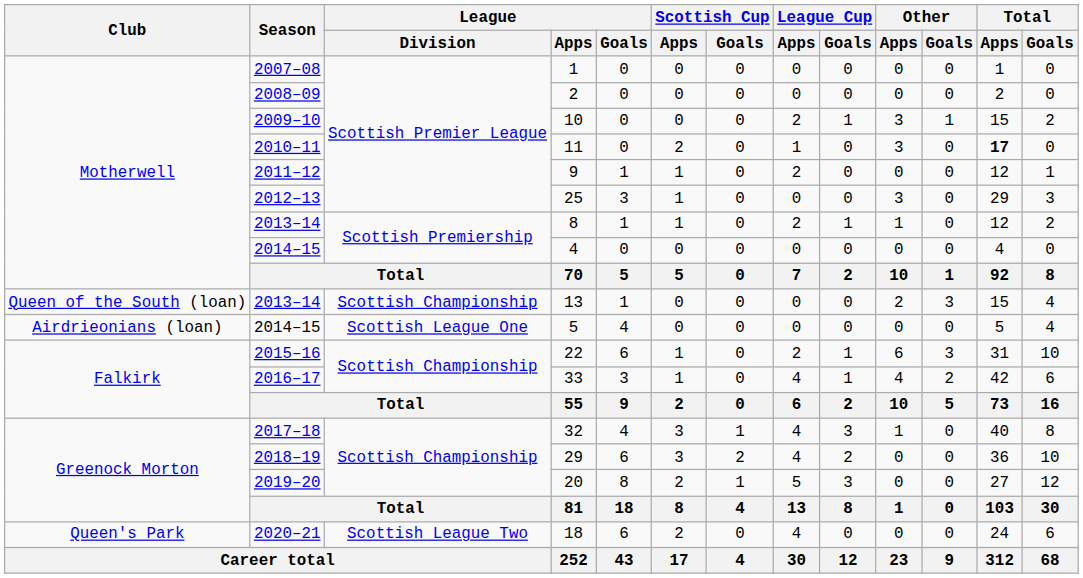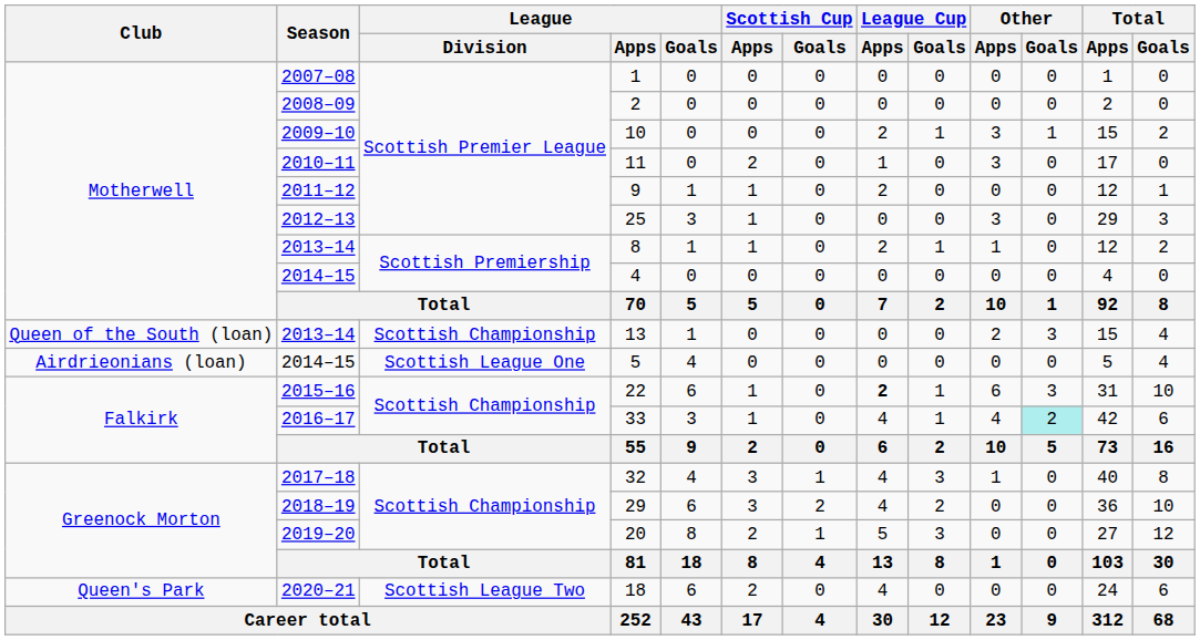 <table class="wikitable" style="text-align: center">
 <tr>
 <th rowspan=2>Club</th>
 <th rowspan=2>Season</th>
 <th colspan=3>League</th>
 <th colspan=2><a href='#'>Scottish Cup</a></th>
 <th colspan=2><a href='#'>League Cup</a></th>
 <th colspan=2>Other</th>
 <th colspan=2>Total</th>
 </tr>
 <tr>
 <th>Division</th>
 <th>Apps</th>
 <th>Goals</th>
 <th>Apps</th>
 <th>Goals</th>
 <th>Apps</th>
 <th>Goals</th>
 <th>Apps</th>
 <th>Goals</th>
 <th>Apps</th>
 <th>Goals</th>
 </tr>
 <tr>
 <td rowspan="9"><a href='#'>Motherwell</a></td>
 <td><a href='#'>2007–08</a></td>
 <td rowspan="6"><a href='#'>Scottish Premier League</a></td>
 <td>1</td>
 <td>0</td>
 <td>0</td>
 <td>0</td>
 <td>0</td>
 <td>0</td>
 <td>0</td>
 <td>0</td>
 <td>1</td>
 <td>0</td>
 </tr>
 <tr>
 <td><a href='#'>2008–09</a></td>
 <td>2</td>
 <td>0</td>
 <td>0</td>
 <td>0</td>
 <td>0</td>
 <td>0</td>
 <td>0</td>
 <td>0</td>
 <td>2</td>
 <td>0</td>
 </tr>
 <tr>
 <td><a href='#'>2009–10</a></td>
 <td>10</td>
 <td>0</td>
 <td>0</td>
 <td>0</td>
 <td>2</td>
 <td>1</td>
 <td>3</td>
 <td>1</td>
 <td>15</td>
 <td>2</td>
 </tr>
 <tr>
 <td><a href='#'>2010–11</a></td>
 <td>11</td>
 <td>0</td>
 <td>2</td>
 <td>0</td>
 <td>1</td>
 <td>0</td>
 <td>3</td>
 <td>0</td>
-<td><strong>17</strong></td>
+<td>17</td>
 <td>0</td>
 </tr>
 <tr>
 <td><a href='#'>2011–12</a></td>
 <td>9</td>
 <td>1</td>
 <td>1</td>
 <td>0</td>
 <td>2</td>
 <td>0</td>
 <td>0</td>
 <td>0</td>
 <td>12</td>
 <td>1</td>
 </tr>
 <tr>
 <td><a href='#'>2012–13</a></td>
 <td>25</td>
 <td>3</td>
 <td>1</td>
 <td>0</td>
 <td>0</td>
 <td>0</td>
 <td>3</td>
 <td>0</td>
 <td>29</td>
 <td>3</td>
 </tr>
 <tr>
 <td><a href='#'>2013–14</a></td>
 <td rowspan="2"><a href='#'>Scottish Premiership</a></td>
 <td>8</td>
 <td>1</td>
 <td>1</td>
 <td>0</td>
 <td>2</td>
 <td>1</td>
 <td>1</td>
 <td>0</td>
 <td>12</td>
 <td>2</td>
 </tr>
 <tr>
 <td><a href='#'>2014–15</a></td>
 <td>4</td>
 <td>0</td>
 <td>0</td>
 <td>0</td>
 <td>0</td>
 <td>0</td>
 <td>0</td>
 <td>0</td>
 <td>4</td>
 <td>0</td>
 </tr>
 <tr>
 <th colspan="2">Total</th>
 <th>70</th>
 <th>5</th>
 <th>5</th>
 <th>0</th>
 <th>7</th>
 <th>2</th>
 <th>10</th>
 <th>1</th>
 <th>92</th>
 <th>8</th>
 </tr>
 <tr>
 <td><a href='#'>Queen of the South</a> (loan)</td>
 <td><a href='#'>2013–14</a></td>
 <td><a href='#'>Scottish Championship</a></td>
 <td>13</td>
 <td>1</td>
 <td>0</td>
 <td>0</td>
 <td>0</td>
 <td>0</td>
 <td>2</td>
 <td>3</td>
 <td>15</td>
 <td>4</td>
 </tr>
 <tr>
 <td><a href='#'>Airdrieonians</a> (loan)</td>
 <td>2014–15</td>
 <td><a href='#'>Scottish League One</a></td>
 <td>5</td>
 <td>4</td>
 <td>0</td>
 <td>0</td>
 <td>0</td>
 <td>0</td>
 <td>0</td>
 <td>0</td>
 <td>5</td>
 <td>4</td>
 </tr>
 <tr>
 <td rowspan="3"><a href='#'>Falkirk</a></td>
 <td><a href='#'>2015–16</a></td>
 <td rowspan="2"><a href='#'>Scottish Championship</a></td>
 <td>22</td>
 <td>6</td>
 <td>1</td>
 <td>0</td>
-<td>2</td>
+<td><strong>2</strong></td>
 <td>1</td>
 <td>6</td>
 <td>3</td>
 <td>31</td>
 <td>10</td>
 </tr>
 <tr>
 <td><a href='#'>2016–17</a></td>
 <td>33</td>
 <td>3</td>
 <td>1</td>
 <td>0</td>
 <td>4</td>
 <td>1</td>
 <td>4</td>
-<td>2</td>
+<td style="background: paleturquoise;">2</td>
 <td>42</td>
 <td>6</td>
 </tr>
 <tr>
 <th colspan="2">Total</th>
 <th>55</th>
 <th>9</th>
 <th>2</th>
 <th>0</th>
 <th>6</th>
 <th>2</th>
 <th>10</th>
 <th>5</th>
 <th>73</th>
 <th>16</th>
 </tr>
 <tr>
 <td rowspan=4><a href='#'>Greenock Morton</a></td>
 <td><a href='#'>2017–18</a></td>
 <td rowspan=3><a href='#'>Scottish Championship</a></td>
 <td>32</td>
 <td>4</td>
 <td>3</td>
 <td>1</td>
 <td>4</td>
 <td>3</td>
 <td>1</td>
 <td>0</td>
 <td>40</td>
 <td>8</td>
 </tr>
 <tr>
 <td><a href='#'>2018–19</a></td>
 <td>29</td>
 <td>6</td>
 <td>3</td>
 <td>2</td>
 <td>4</td>
 <td>2</td>
 <td>0</td>
 <td>0</td>
 <td>36</td>
 <td>10</td>
 </tr>
 <tr>
 <td><a href='#'>2019–20</a></td>
 <td>20</td>
 <td>8</td>
 <td>2</td>
 <td>1</td>
 <td>5</td>
 <td>3</td>
 <td>0</td>
 <td>0</td>
 <td>27</td>
 <td>12</td>
 </tr>
 <tr>
 <th colspan=2>Total</th>
 <th>81</th>
 <th>18</th>
 <th>8</th>
 <th>4</th>
 <th>13</th>
 <th>8</th>
 <th>1</th>
 <th>0</th>
 <th>103</th>
 <th>30</th>
 </tr>
 <tr>
 <td><a href='#'>Queen's Park</a></td>
 <td><a href='#'>2020–21</a></td>
 <td><a href='#'>Scottish League Two</a></td>
 <td>18</td>
 <td>6</td>
 <td>2</td>
 <td>0</td>
 <td>4</td>
 <td>0</td>
 <td>0</td>
 <td>0</td>
 <td>24</td>
 <td>6</td>
 </tr>
 <tr>
 <th colspan="3">Career total</th>
 <th>252</th>
 <th>43</th>
 <th>17</th>
 <th>4</th>
 <th>30</th>
 <th>12</th>
 <th>23</th>
 <th>9</th>
 <th>312</th>
 <th>68</th>
 </tr>
 </table>
